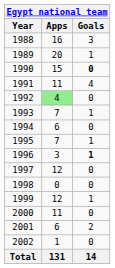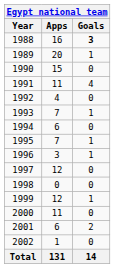 <table class="wikitable" style="text-align:center">
 <tr>
 <th colspan=3><a href='#'>Egypt national team</a></th>
 </tr>
 <tr>
 <th>Year</th>
 <th>Apps</th>
 <th>Goals</th>
 </tr>
 <tr>
 <td>1988</td>
 <td>16</td>
-<td>3</td>
+<td><strong>3</strong></td>
 </tr>
 <tr>
 <td>1989</td>
 <td>20</td>
 <td>1</td>
 </tr>
 <tr>
 <td>1990</td>
 <td>15</td>
-<td><strong>0</strong></td>
+<td>0</td>
 </tr>
 <tr>
 <td>1991</td>
 <td>11</td>
 <td>4</td>
 </tr>
 <tr>
 <td>1992</td>
-<td style="background: lightgreen;">4</td>
+<td>4</td>
 <td>0</td>
 </tr>
 <tr>
 <td>1993</td>
 <td>7</td>
 <td>1</td>
 </tr>
 <tr>
 <td>1994</td>
 <td>6</td>
 <td>0</td>
 </tr>
 <tr>
 <td>1995</td>
 <td>7</td>
 <td>1</td>
 </tr>
 <tr>
 <td>1996</td>
 <td>3</td>
-<td><strong>1</strong></td>
+<td>1</td>
 </tr>
 <tr>
 <td>1997</td>
 <td>12</td>
 <td>0</td>
 </tr>
 <tr>
 <td>1998</td>
 <td>0</td>
 <td>0</td>
 </tr>
 <tr>
 <td>1999</td>
 <td>12</td>
 <td>1</td>
 </tr>
 <tr>
 <td>2000</td>
 <td>11</td>
 <td>0</td>
 </tr>
 <tr>
 <td>2001</td>
 <td>6</td>
 <td>2</td>
 </tr>
 <tr>
 <td>2002</td>
 <td>1</td>
 <td>0</td>
 </tr>
 <tr>
 <th>Total</th>
 <th>131</th>
 <th>14</th>
 </tr>
 </table>
